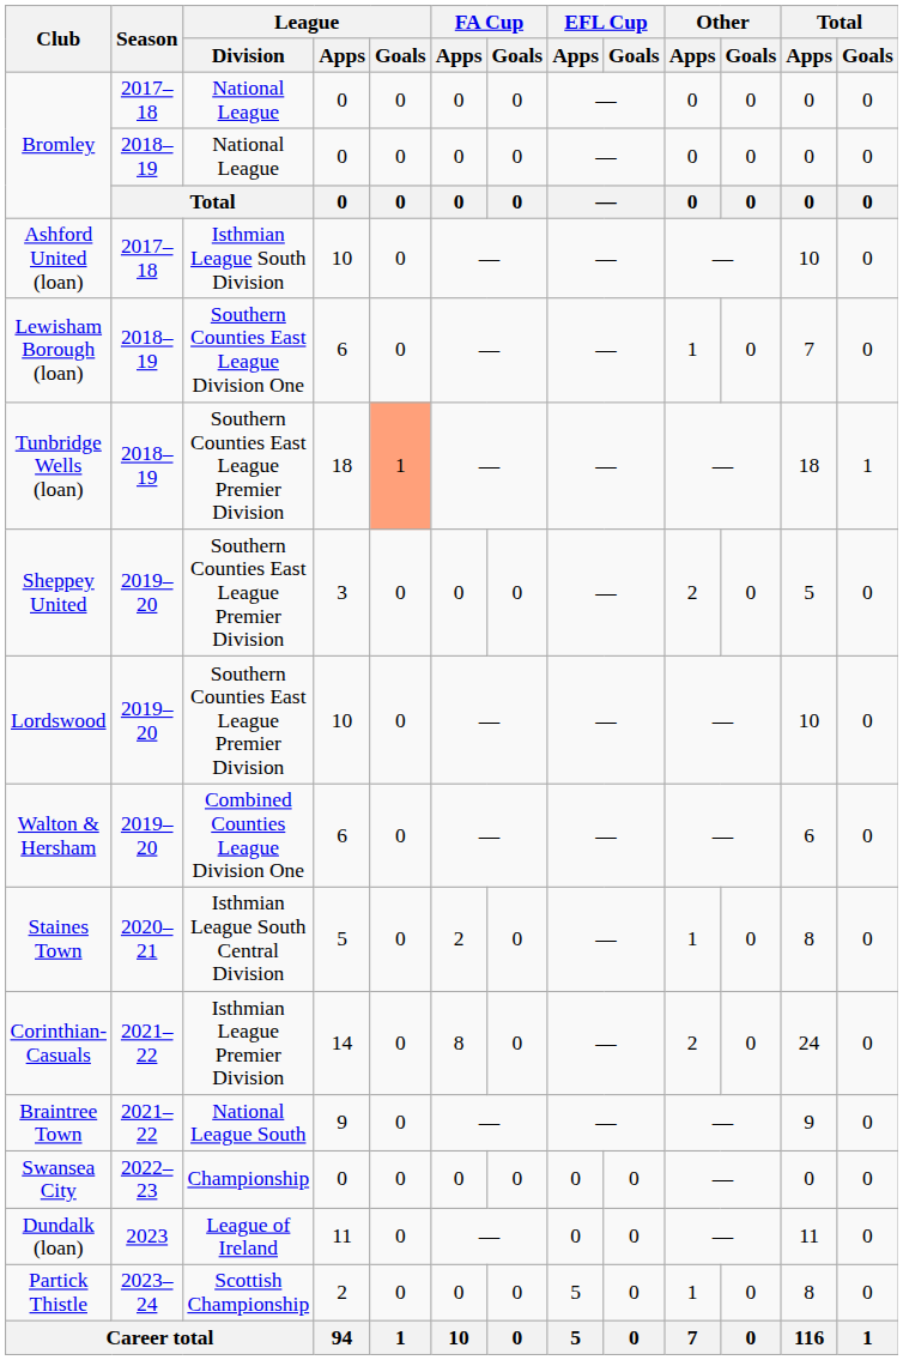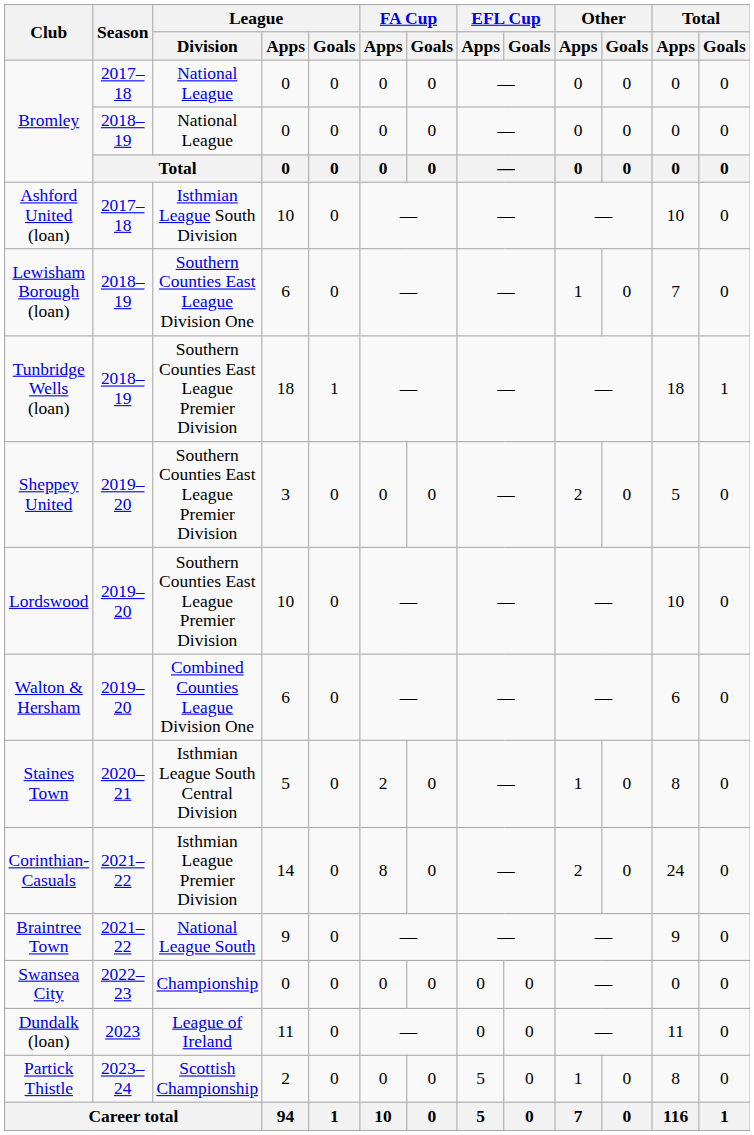 <table class="wikitable" style="text-align:center">
 <tr>
 <th rowspan="2">Club</th>
 <th rowspan="2">Season</th>
 <th colspan="3">League</th>
 <th colspan="2"><a href='#'>FA Cup</a></th>
 <th colspan="2"><a href='#'>EFL Cup</a></th>
 <th colspan="2">Other</th>
 <th colspan="2">Total</th>
 </tr>
 <tr>
 <th>Division</th>
 <th>Apps</th>
 <th>Goals</th>
 <th>Apps</th>
 <th>Goals</th>
 <th>Apps</th>
 <th>Goals</th>
 <th>Apps</th>
 <th>Goals</th>
 <th>Apps</th>
 <th>Goals</th>
 </tr>
 <tr>
 <td rowspan="3"><a href='#'>Bromley</a></td>
 <td><a href='#'>2017–18</a></td>
 <td><a href='#'>National League</a></td>
 <td>0</td>
 <td>0</td>
 <td>0</td>
 <td>0</td>
 <td colspan="2">—</td>
 <td>0</td>
 <td>0</td>
 <td>0</td>
 <td>0</td>
 </tr>
 <tr>
 <td><a href='#'>2018–19</a></td>
 <td>National League</td>
 <td>0</td>
 <td>0</td>
 <td>0</td>
 <td>0</td>
 <td colspan="2">—</td>
 <td>0</td>
 <td>0</td>
 <td>0</td>
 <td>0</td>
 </tr>
 <tr>
 <th colspan=2>Total</th>
 <th>0</th>
 <th>0</th>
 <th>0</th>
 <th>0</th>
 <th colspan="2">—</th>
 <th>0</th>
 <th>0</th>
 <th>0</th>
 <th>0</th>
 </tr>
 <tr>
 <td><a href='#'>Ashford United</a> (loan)</td>
 <td><a href='#'>2017–18</a></td>
 <td><a href='#'>Isthmian League</a> South Division</td>
 <td>10</td>
 <td>0</td>
 <td colspan="2">—</td>
 <td colspan="2">—</td>
 <td colspan="2">—</td>
 <td>10</td>
 <td>0</td>
 </tr>
 <tr>
 <td><a href='#'>Lewisham Borough</a> (loan)</td>
 <td><a href='#'>2018–19</a></td>
 <td><a href='#'>Southern Counties East League</a> Division One</td>
 <td>6</td>
 <td>0</td>
 <td colspan="2">—</td>
 <td colspan="2">—</td>
 <td>1</td>
 <td>0</td>
 <td>7</td>
 <td>0</td>
 </tr>
 <tr>
 <td><a href='#'>Tunbridge Wells</a> (loan)</td>
 <td><a href='#'>2018–19</a></td>
 <td>Southern Counties East League Premier Division</td>
 <td>18</td>
-<td style="background: lightsalmon;">1</td>
+<td>1</td>
 <td colspan="2">—</td>
 <td colspan="2">—</td>
 <td colspan="2">—</td>
 <td>18</td>
 <td>1</td>
 </tr>
 <tr>
 <td><a href='#'>Sheppey United</a></td>
 <td><a href='#'>2019–20</a></td>
 <td>Southern Counties East League Premier Division</td>
 <td>3</td>
 <td>0</td>
 <td>0</td>
 <td>0</td>
 <td colspan="2">—</td>
 <td>2</td>
 <td>0</td>
 <td>5</td>
 <td>0</td>
 </tr>
 <tr>
 <td><a href='#'>Lordswood</a></td>
 <td><a href='#'>2019–20</a></td>
 <td>Southern Counties East League Premier Division</td>
 <td>10</td>
 <td>0</td>
 <td colspan="2">—</td>
 <td colspan="2">—</td>
 <td colspan="2">—</td>
 <td>10</td>
 <td>0</td>
 </tr>
 <tr>
 <td><a href='#'>Walton & Hersham</a></td>
 <td><a href='#'>2019–20</a></td>
 <td><a href='#'>Combined Counties League</a> Division One</td>
 <td>6</td>
 <td>0</td>
 <td colspan="2">—</td>
 <td colspan="2">—</td>
 <td colspan="2">—</td>
 <td>6</td>
 <td>0</td>
 </tr>
 <tr>
 <td><a href='#'>Staines Town</a></td>
 <td><a href='#'>2020–21</a></td>
 <td>Isthmian League South Central Division</td>
 <td>5</td>
 <td>0</td>
 <td>2</td>
 <td>0</td>
 <td colspan="2">—</td>
 <td>1</td>
 <td>0</td>
 <td>8</td>
 <td>0</td>
 </tr>
 <tr>
 <td><a href='#'>Corinthian-Casuals</a></td>
 <td><a href='#'>2021–22</a></td>
 <td>Isthmian League Premier Division</td>
 <td>14</td>
 <td>0</td>
 <td>8</td>
 <td>0</td>
 <td colspan="2">—</td>
 <td>2</td>
 <td>0</td>
 <td>24</td>
 <td>0</td>
 </tr>
 <tr>
 <td><a href='#'>Braintree Town</a></td>
 <td><a href='#'>2021–22</a></td>
 <td><a href='#'>National League South</a></td>
 <td>9</td>
 <td>0</td>
 <td colspan="2">—</td>
 <td colspan="2">—</td>
 <td colspan="2">—</td>
 <td>9</td>
 <td>0</td>
 </tr>
 <tr>
 <td><a href='#'>Swansea City</a></td>
 <td><a href='#'>2022–23</a></td>
 <td><a href='#'>Championship</a></td>
 <td>0</td>
 <td>0</td>
 <td>0</td>
 <td>0</td>
 <td>0</td>
 <td>0</td>
 <td colspan="2">—</td>
 <td>0</td>
 <td>0</td>
 </tr>
 <tr>
 <td><a href='#'>Dundalk</a> (loan)</td>
 <td><a href='#'>2023</a></td>
 <td><a href='#'>League of Ireland</a></td>
 <td>11</td>
 <td>0</td>
 <td colspan="2">—</td>
 <td>0</td>
 <td>0</td>
 <td colspan="2">—</td>
 <td>11</td>
 <td>0</td>
 </tr>
 <tr>
 <td><a href='#'>Partick Thistle</a></td>
 <td><a href='#'>2023–24</a></td>
 <td><a href='#'>Scottish Championship</a></td>
 <td>2</td>
 <td>0</td>
 <td>0</td>
 <td>0</td>
 <td>5</td>
 <td>0</td>
 <td>1</td>
 <td>0</td>
 <td>8</td>
 <td>0</td>
 </tr>
 <tr>
 <th colspan=3>Career total</th>
 <th>94</th>
 <th>1</th>
 <th>10</th>
 <th>0</th>
 <th>5</th>
 <th>0</th>
 <th>7</th>
 <th>0</th>
 <th>116</th>
 <th>1</th>
 </tr>
 </table>
